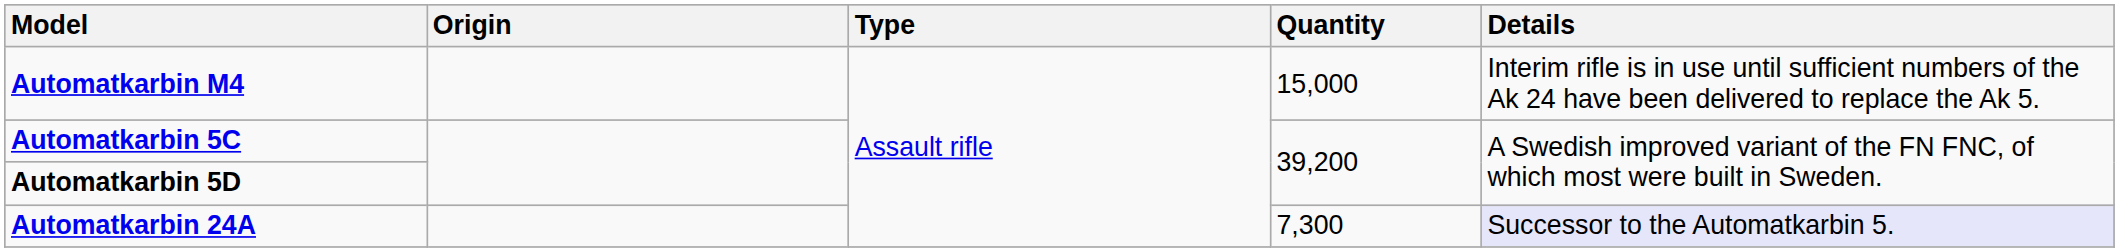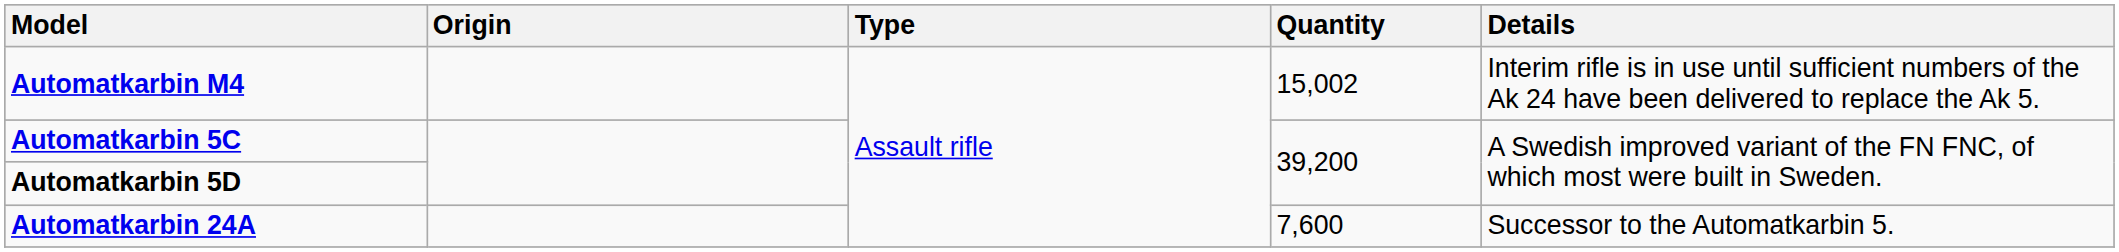 <table class="wikitable" style="width:100%;">
 <tr>
 <th style="text-align:left;width:20%;">Model</th>
 <th style="text-align:left;width:20%;">Origin</th>
 <th style="text-align:left;width:20%;">Type</th>
 <th style="text-align:left;width:10%;">Quantity</th>
 <th style="text-align:left;width:30%;">Details</th>
 </tr>
 <tr>
 <td><strong><a href='#'>Automat­karbin M4</a></strong></td>
 <td></td>
 <td rowspan="4"><a href='#'>Assault rifle</a></td>
-<td>15,000</td>
+<td>15,002</td>
 <td>Interim rifle is in use until sufficient numbers of the Ak 24 have been delivered to replace the Ak 5.</td>
 </tr>
 <tr>
 <td><strong><a href='#'>Automat­karbin 5C</a></strong></td>
 <td rowspan="2"></td>
 <td rowspan="2">39,200</td>
 <td rowspan="2">A Swedish improved variant of the FN FNC, of which most were built in Sweden.</td>
 </tr>
 <tr>
 <td><strong>Automat­karbin 5D</strong></td>
 </tr>
 <tr>
 <td><strong><a href='#'>Automat­karbin 24A</a></strong></td>
 <td></td>
-<td>7,300</td>
-<td style="background: lavender;">Successor to the Automatkarbin 5.</td>
+<td>7,600</td>
+<td>Successor to the Automatkarbin 5.</td>
 </tr>
 </table>
